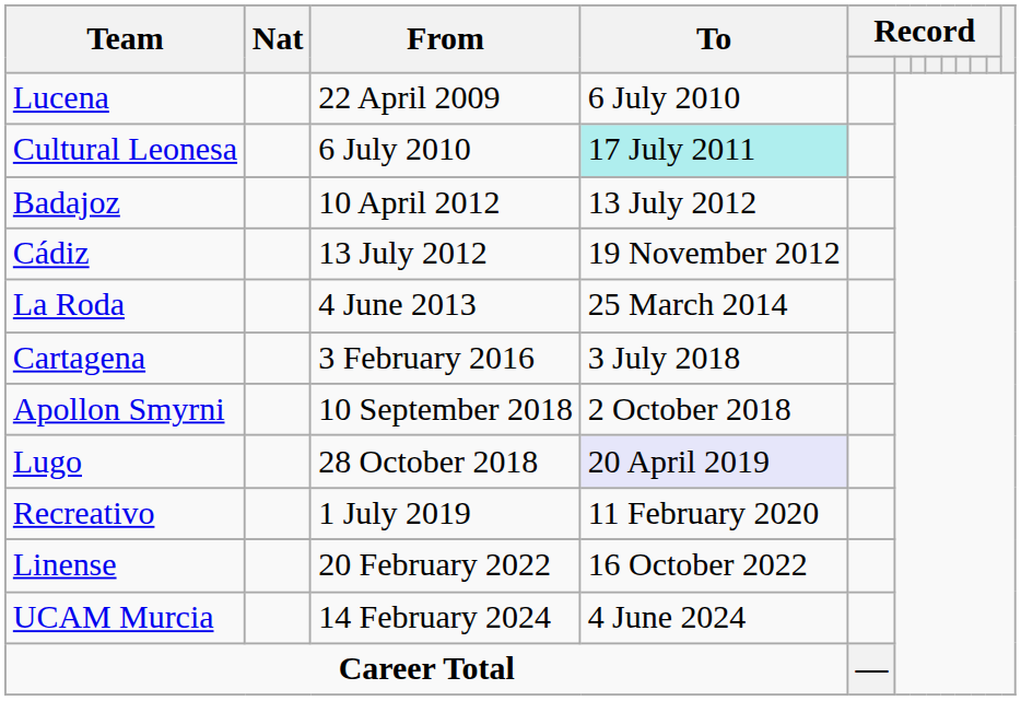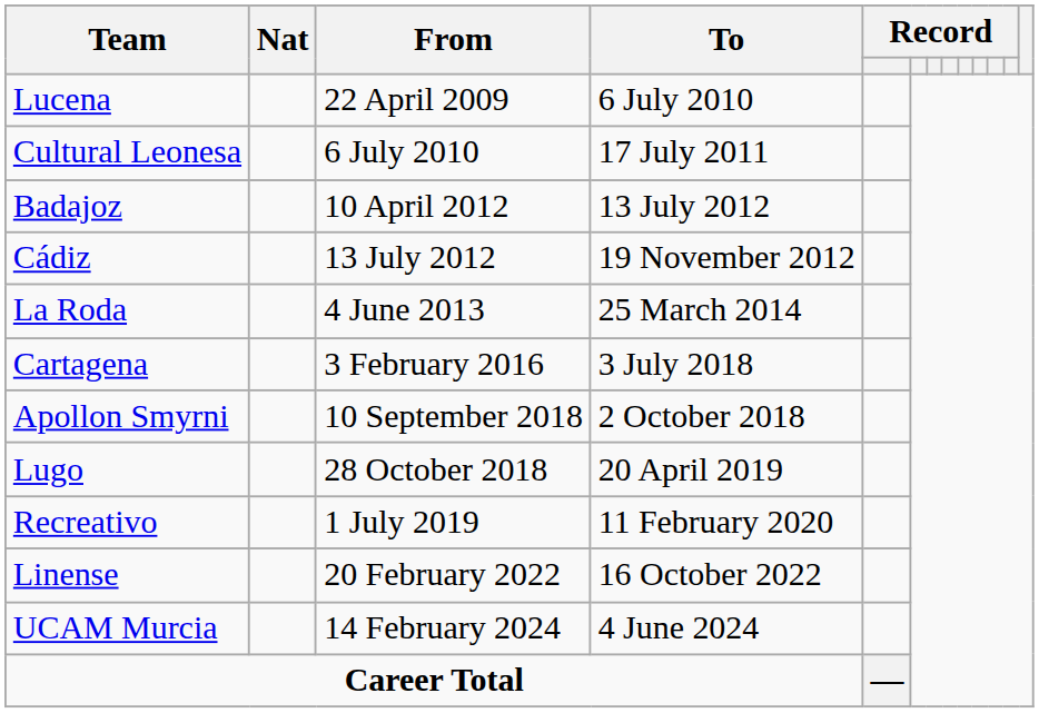 <table class="wikitable" style="text-align: center">
 <tr>
 <th rowspan="2">Team</th>
 <th rowspan="2">Nat</th>
 <th rowspan="2">From</th>
 <th rowspan="2">To</th>
 <th colspan="8">Record</th>
 <th rowspan=2></th>
 </tr>
 <tr>
 <th></th>
 <th></th>
 <th></th>
 <th></th>
 <th></th>
 <th></th>
 <th></th>
 <th></th>
 </tr>
 <tr>
 <td align="left"><a href='#'>Lucena</a></td>
 <td></td>
 <td align=left>22 April 2009</td>
 <td align=left>6 July 2010<br></td>
 <td></td>
 </tr>
 <tr>
 <td align="left"><a href='#'>Cultural Leonesa</a></td>
 <td></td>
 <td align=left>6 July 2010</td>
-<td align=left style="background: paleturquoise;">17 July 2011<br></td>
+<td align=left>17 July 2011<br></td>
 <td></td>
 </tr>
 <tr>
 <td align="left"><a href='#'>Badajoz</a></td>
 <td></td>
 <td align=left>10 April 2012</td>
 <td align=left>13 July 2012<br></td>
 <td></td>
 </tr>
 <tr>
 <td align="left"><a href='#'>Cádiz</a></td>
 <td></td>
 <td align=left>13 July 2012</td>
 <td align=left>19 November 2012<br></td>
 <td></td>
 </tr>
 <tr>
 <td align="left"><a href='#'>La Roda</a></td>
 <td></td>
 <td align=left>4 June 2013</td>
 <td align=left>25 March 2014<br></td>
 <td></td>
 </tr>
 <tr>
 <td align="left"><a href='#'>Cartagena</a></td>
 <td></td>
 <td align=left>3 February 2016</td>
 <td align=left>3 July 2018<br></td>
 <td></td>
 </tr>
 <tr>
 <td align="left"><a href='#'>Apollon Smyrni</a></td>
 <td></td>
 <td align=left>10 September 2018</td>
 <td align=left>2 October 2018<br></td>
 <td></td>
 </tr>
 <tr>
 <td align="left"><a href='#'>Lugo</a></td>
 <td></td>
 <td align=left>28 October 2018</td>
-<td align=left style="background: lavender;">20 April 2019<br></td>
+<td align=left>20 April 2019<br></td>
 <td></td>
 </tr>
 <tr>
 <td align="left"><a href='#'>Recreativo</a></td>
 <td></td>
 <td align=left>1 July 2019</td>
 <td align=left>11 February 2020<br></td>
 <td></td>
 </tr>
 <tr>
 <td align="left"><a href='#'>Linense</a></td>
 <td></td>
 <td align=left>20 February 2022</td>
 <td align=left>16 October 2022<br></td>
 <td></td>
 </tr>
 <tr>
 <td align="left"><a href='#'>UCAM Murcia</a></td>
 <td></td>
 <td align=left>14 February 2024</td>
 <td align=left>4 June 2024<br></td>
 <td></td>
 </tr>
 <tr>
 <td colspan=4><strong>Career Total</strong><br></td>
 <th>—</th>
 </tr>
 </table>
